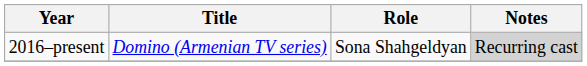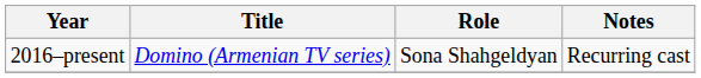 <table class="wikitable sortable plainrowheaders">
 <tr>
 <th>Year</th>
 <th>Title</th>
 <th>Role</th>
 <th class="unsortable">Notes</th>
 </tr>
 <tr>
 <td>2016–present</td>
 <td><em><a href='#'>Domino (Armenian TV series)</a></em></td>
 <td>Sona Shahgeldyan</td>
-<td style="background: lightgrey;">Recurring cast</td>
+<td>Recurring cast</td>
 </tr>
 <tr>
 </tr>
 </table>
